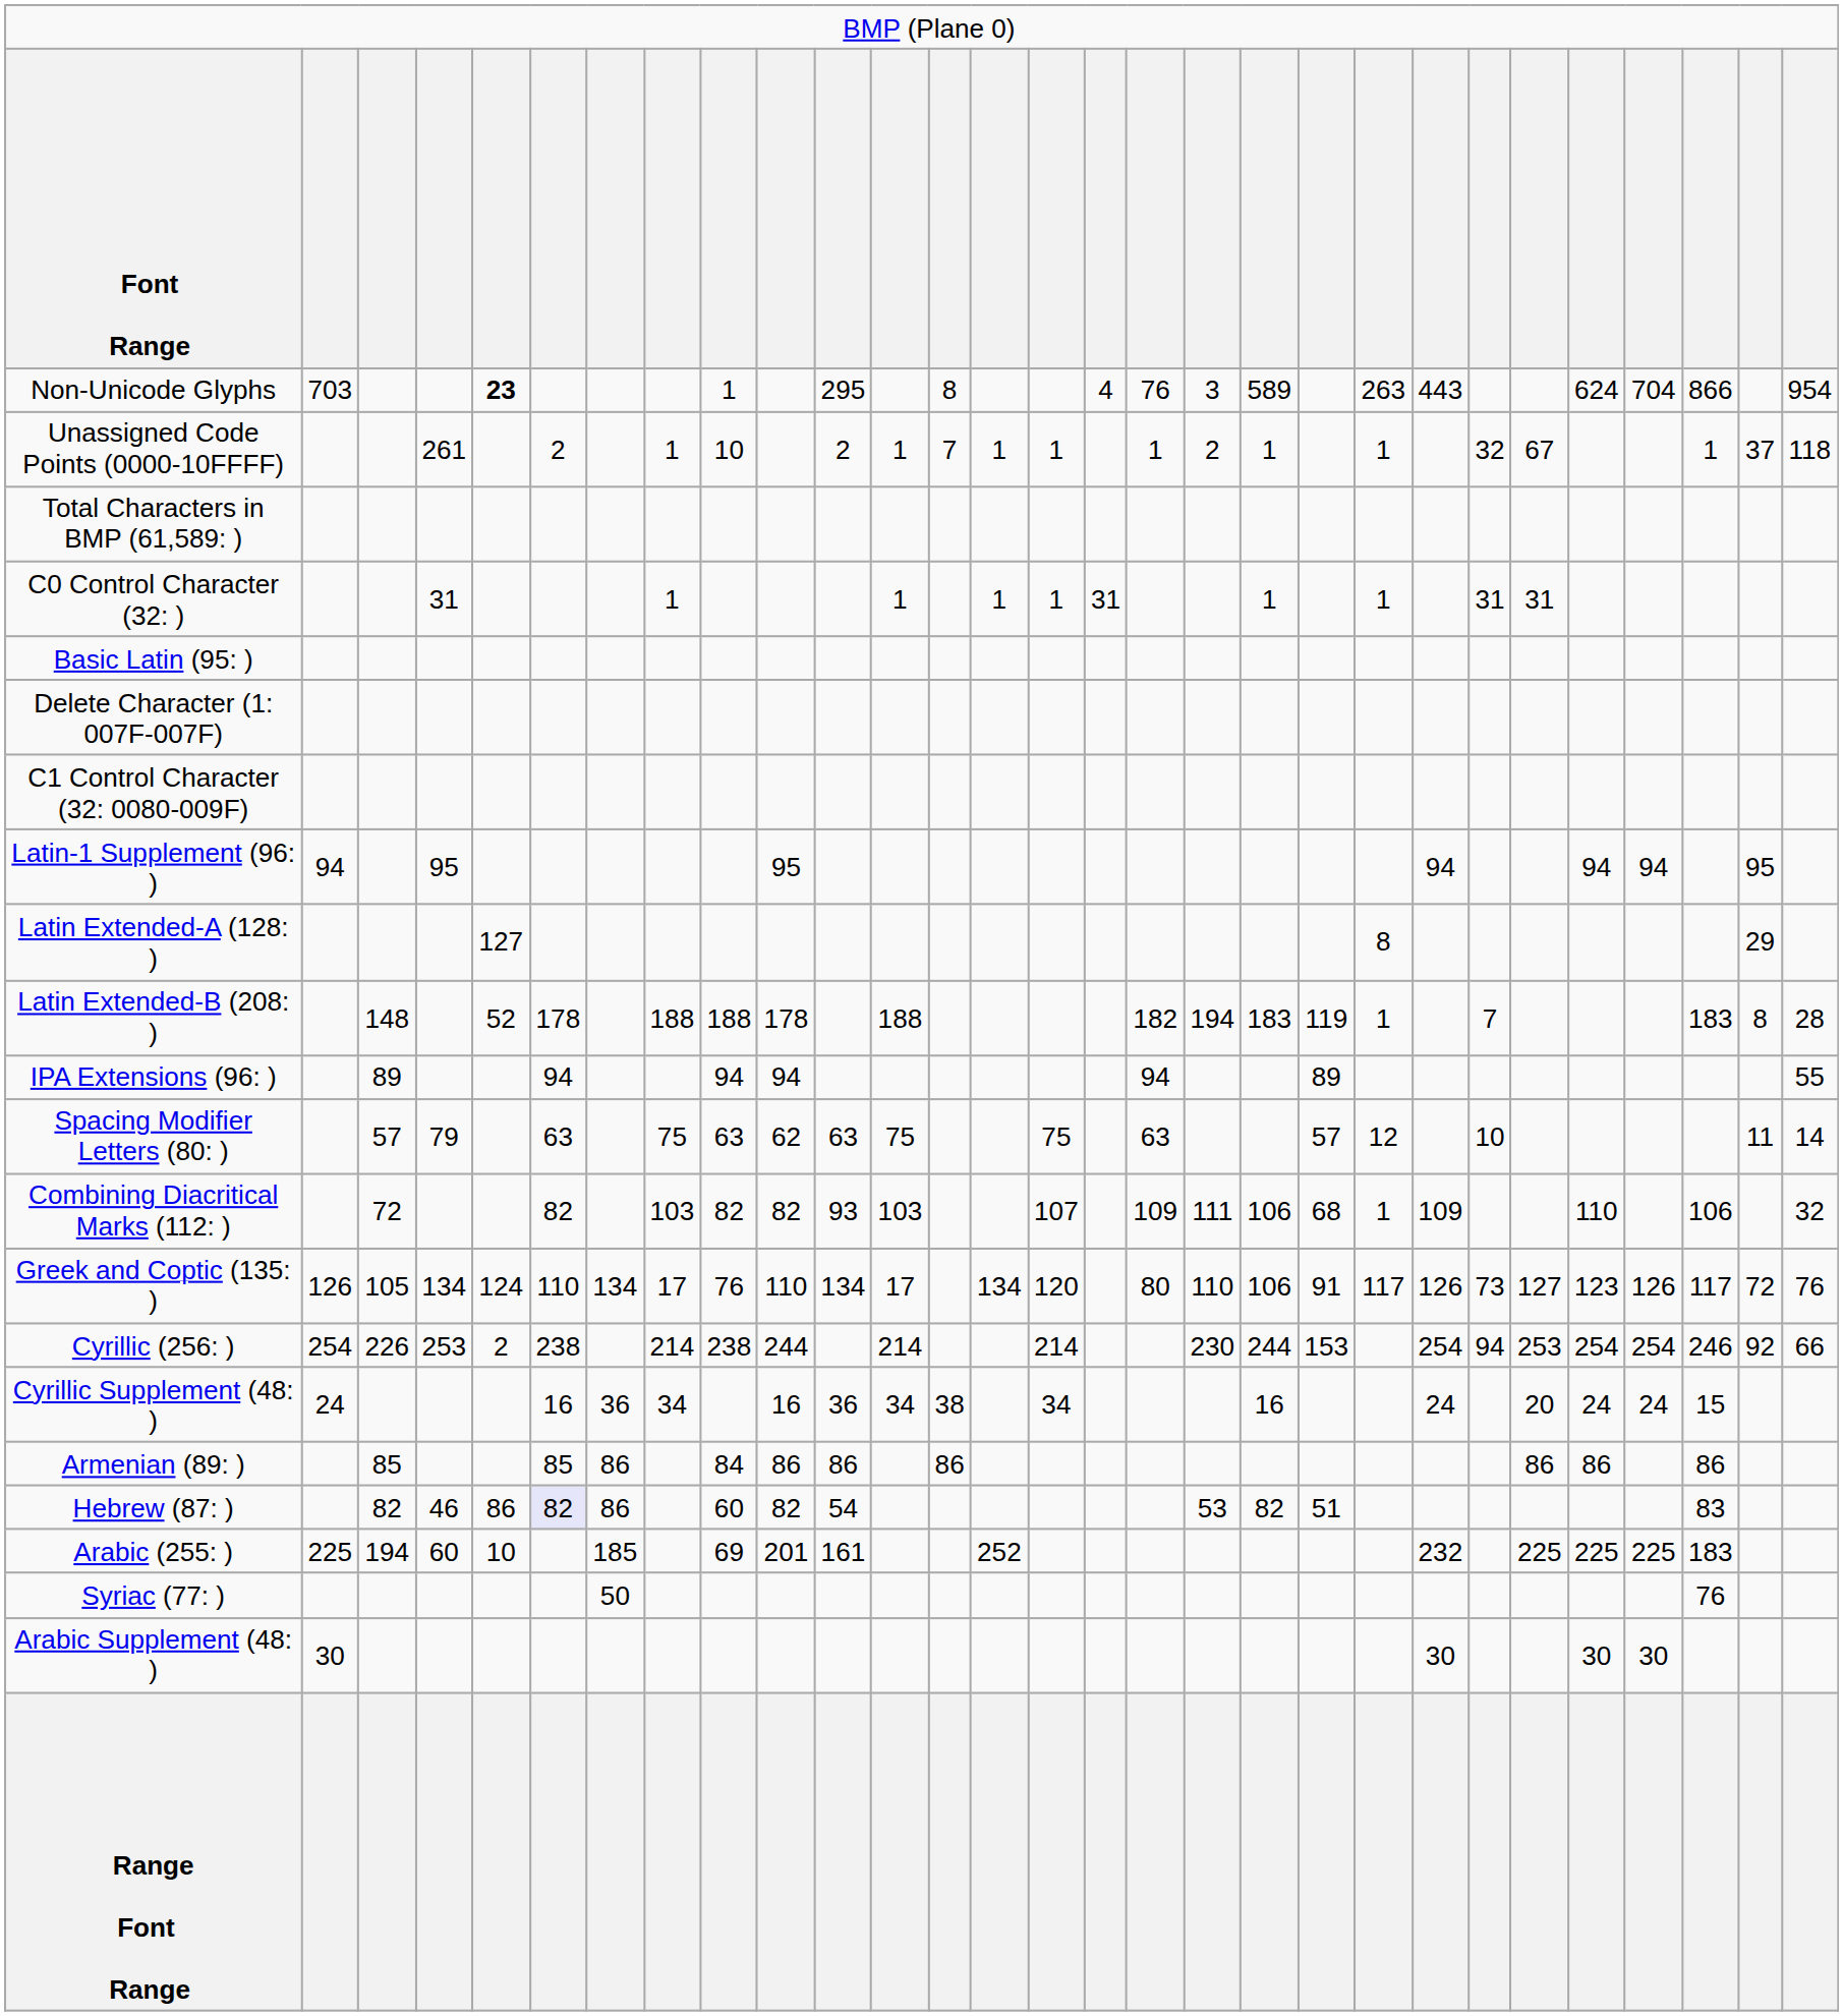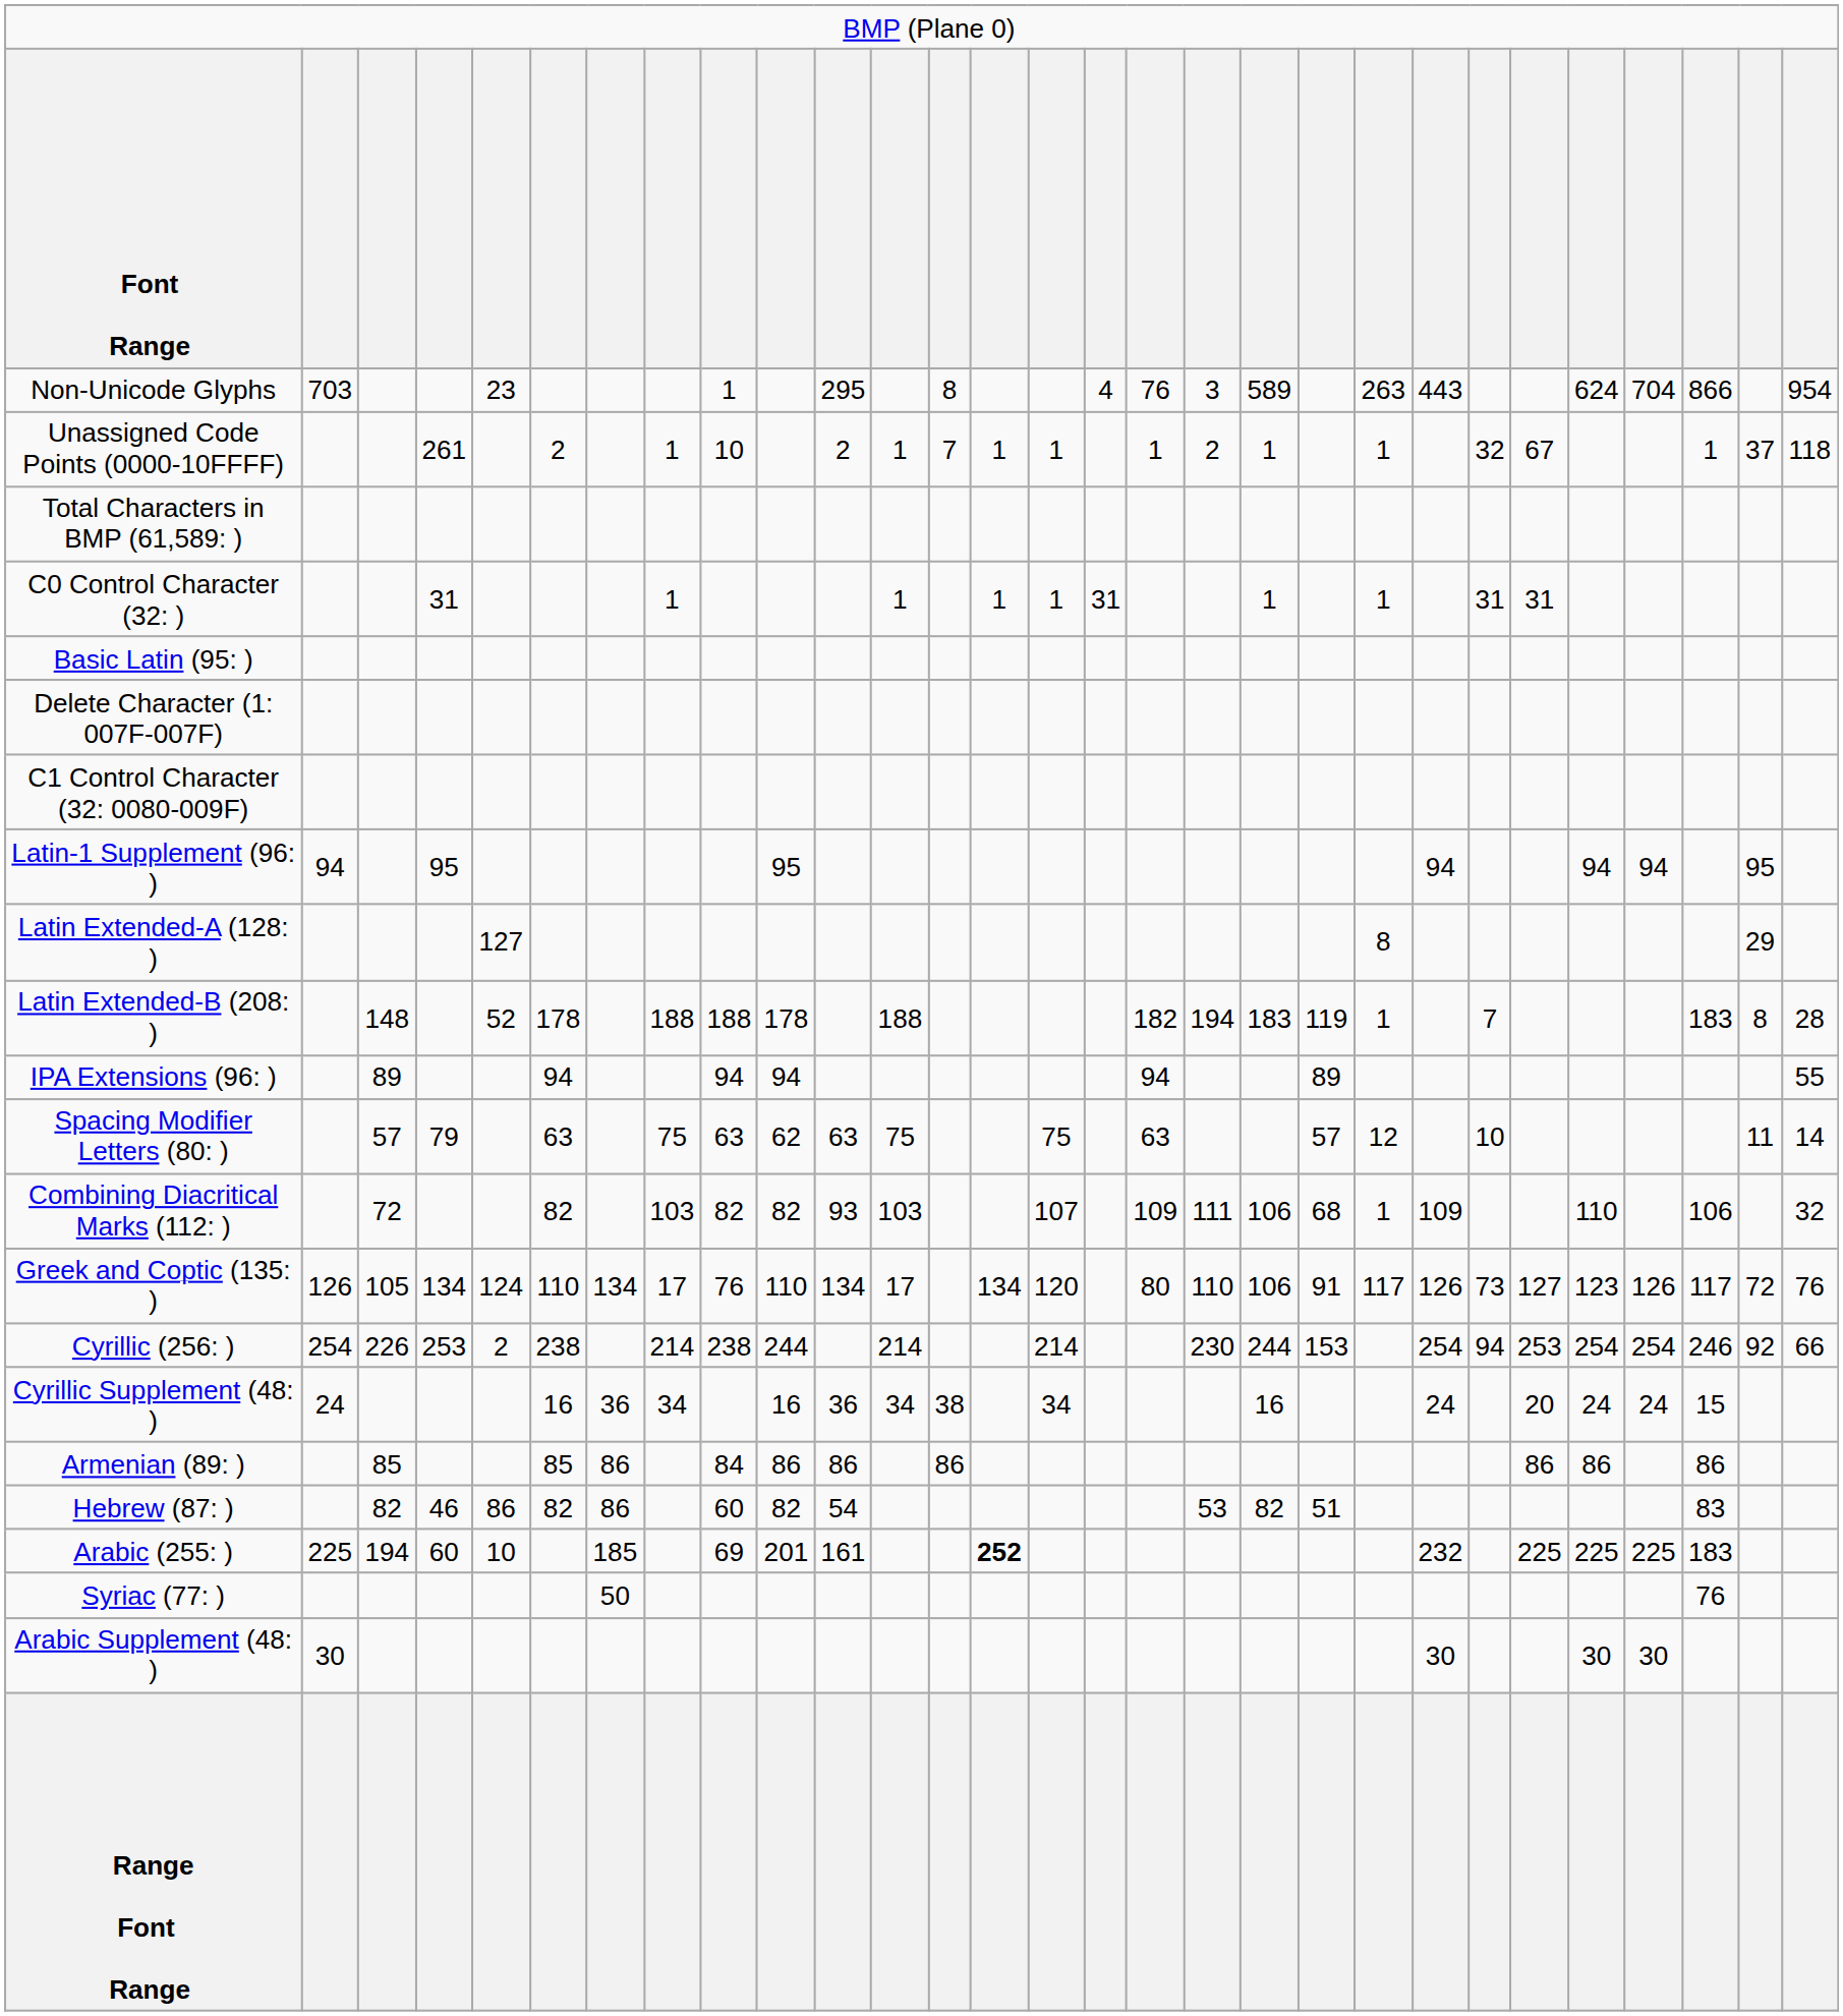 <table class="wikitable" style="width:100%; text-align:center; vertical-align:middle; font-size:80%;">
 <tr>
 <td colspan=29> <span></span> <a href='#'>BMP</a> (Plane 0)</td>
 </tr>
 <tr style="vertical-align: bottom; height:12em;">
 <th style="width:310px;">Font <br><br>Range <span></span></th>
 <th></th>
 <th></th>
 <th></th>
 <th></th>
 <th></th>
 <th></th>
 <th></th>
 <th></th>
 <th></th>
 <th></th>
 <th></th>
 <th></th>
 <th></th>
 <th></th>
 <th></th>
 <th></th>
 <th></th>
 <th></th>
 <th></th>
 <th></th>
 <th></th>
 <th></th>
 <th></th>
 <th></th>
 <th></th>
 <th></th>
 <th></th>
 <th><br></th>
 </tr>
 <tr>
 <td>Non-Unicode Glyphs</td>
 <td>703</td>
 <td></td>
 <td></td>
-<td><strong>23</strong></td>
+<td>23</td>
 <td></td>
 <td></td>
 <td></td>
 <td>1</td>
 <td></td>
 <td>295</td>
 <td></td>
 <td>8</td>
 <td></td>
 <td></td>
 <td>4</td>
 <td>76</td>
 <td>3</td>
 <td>589</td>
 <td></td>
 <td>263</td>
 <td>443</td>
 <td></td>
 <td></td>
 <td>624</td>
 <td>704</td>
 <td>866</td>
 <td></td>
 <td>954</td>
 </tr>
 <tr>
 <td>Unassigned Code Points (0000-10FFFF)</td>
 <td></td>
 <td></td>
 <td>261</td>
 <td></td>
 <td>2</td>
 <td></td>
 <td>1</td>
 <td>10</td>
 <td></td>
 <td>2</td>
 <td>1</td>
 <td>7</td>
 <td>1</td>
 <td>1</td>
 <td></td>
 <td>1</td>
 <td>2</td>
 <td>1</td>
 <td></td>
 <td>1</td>
 <td></td>
 <td>32</td>
 <td>67</td>
 <td></td>
 <td></td>
 <td>1</td>
 <td>37</td>
 <td>118</td>
 </tr>
 <tr>
 <td>Total Characters in BMP (61,589: )</td>
 <td></td>
 <td></td>
 <td></td>
 <td></td>
 <td></td>
 <td></td>
 <td></td>
 <td></td>
 <td></td>
 <td></td>
 <td></td>
 <td></td>
 <td></td>
 <td></td>
 <td></td>
 <td></td>
 <td></td>
 <td></td>
 <td></td>
 <td></td>
 <td></td>
 <td></td>
 <td></td>
 <td></td>
 <td></td>
 <td></td>
 <td></td>
 <td></td>
 </tr>
 <tr>
 <td>C0 Control Character (32: )</td>
 <td></td>
 <td></td>
 <td>31</td>
 <td></td>
 <td></td>
 <td></td>
 <td>1</td>
 <td></td>
 <td></td>
 <td></td>
 <td>1</td>
 <td></td>
 <td>1</td>
 <td>1</td>
 <td>31</td>
 <td></td>
 <td></td>
 <td>1</td>
 <td></td>
 <td>1</td>
 <td></td>
 <td>31</td>
 <td>31</td>
 <td></td>
 <td></td>
 <td></td>
 <td></td>
 <td></td>
 </tr>
 <tr>
 <td><a href='#'>Basic Latin</a> (95: )</td>
 <td></td>
 <td></td>
 <td></td>
 <td></td>
 <td></td>
 <td></td>
 <td></td>
 <td></td>
 <td></td>
 <td></td>
 <td></td>
 <td></td>
 <td></td>
 <td></td>
 <td></td>
 <td></td>
 <td></td>
 <td></td>
 <td></td>
 <td></td>
 <td></td>
 <td></td>
 <td></td>
 <td></td>
 <td></td>
 <td></td>
 <td></td>
 <td></td>
 </tr>
 <tr>
 <td>Delete Character (1: 007F-007F)</td>
 <td></td>
 <td></td>
 <td></td>
 <td></td>
 <td></td>
 <td></td>
 <td></td>
 <td></td>
 <td></td>
 <td></td>
 <td></td>
 <td></td>
 <td></td>
 <td></td>
 <td></td>
 <td></td>
 <td></td>
 <td></td>
 <td></td>
 <td></td>
 <td></td>
 <td></td>
 <td></td>
 <td></td>
 <td></td>
 <td></td>
 <td></td>
 <td></td>
 </tr>
 <tr>
 <td>C1 Control Character (32: 0080-009F)</td>
 <td></td>
 <td></td>
 <td></td>
 <td></td>
 <td></td>
 <td></td>
 <td></td>
 <td></td>
 <td></td>
 <td></td>
 <td></td>
 <td></td>
 <td></td>
 <td></td>
 <td></td>
 <td></td>
 <td></td>
 <td></td>
 <td></td>
 <td></td>
 <td></td>
 <td></td>
 <td></td>
 <td></td>
 <td></td>
 <td></td>
 <td></td>
 <td></td>
 </tr>
 <tr>
 <td><a href='#'>Latin-1 Supplement</a> (96: )</td>
 <td>94</td>
 <td></td>
 <td>95</td>
 <td></td>
 <td></td>
 <td></td>
 <td></td>
 <td></td>
 <td>95</td>
 <td></td>
 <td></td>
 <td></td>
 <td></td>
 <td></td>
 <td></td>
 <td></td>
 <td></td>
 <td></td>
 <td></td>
 <td></td>
 <td>94</td>
 <td></td>
 <td></td>
 <td>94</td>
 <td>94</td>
 <td></td>
 <td>95</td>
 <td></td>
 </tr>
 <tr>
 <td><a href='#'>Latin Extended-A</a> (128: )</td>
 <td></td>
 <td></td>
 <td></td>
 <td>127</td>
 <td></td>
 <td></td>
 <td></td>
 <td></td>
 <td></td>
 <td></td>
 <td></td>
 <td></td>
 <td></td>
 <td></td>
 <td></td>
 <td></td>
 <td></td>
 <td></td>
 <td></td>
 <td>8</td>
 <td></td>
 <td></td>
 <td></td>
 <td></td>
 <td></td>
 <td></td>
 <td>29</td>
 <td></td>
 </tr>
 <tr>
 <td><a href='#'>Latin Extended-B</a> (208: )</td>
 <td></td>
 <td>148</td>
 <td></td>
 <td>52</td>
 <td>178</td>
 <td></td>
 <td>188</td>
 <td>188</td>
 <td>178</td>
 <td></td>
 <td>188</td>
 <td></td>
 <td></td>
 <td></td>
 <td></td>
 <td>182</td>
 <td>194</td>
 <td>183</td>
 <td>119</td>
 <td>1</td>
 <td></td>
 <td>7</td>
 <td></td>
 <td></td>
 <td></td>
 <td>183</td>
 <td>8</td>
 <td>28</td>
 </tr>
 <tr>
 <td><a href='#'>IPA Extensions</a> (96: )</td>
 <td></td>
 <td>89</td>
 <td></td>
 <td></td>
 <td>94</td>
 <td></td>
 <td></td>
 <td>94</td>
 <td>94</td>
 <td></td>
 <td></td>
 <td></td>
 <td></td>
 <td></td>
 <td></td>
 <td>94</td>
 <td></td>
 <td></td>
 <td>89</td>
 <td></td>
 <td></td>
 <td></td>
 <td></td>
 <td></td>
 <td></td>
 <td></td>
 <td></td>
 <td>55</td>
 </tr>
 <tr>
 <td><a href='#'>Spacing Modifier Letters</a> (80: )</td>
 <td></td>
 <td>57</td>
 <td>79</td>
 <td></td>
 <td>63</td>
 <td></td>
 <td>75</td>
 <td>63</td>
 <td>62</td>
 <td>63</td>
 <td>75</td>
 <td></td>
 <td></td>
 <td>75</td>
 <td></td>
 <td>63</td>
 <td></td>
 <td></td>
 <td>57</td>
 <td>12</td>
 <td></td>
 <td>10</td>
 <td></td>
 <td></td>
 <td></td>
 <td></td>
 <td>11</td>
 <td>14</td>
 </tr>
 <tr>
 <td><a href='#'>Combining Diacritical Marks</a> (112: )</td>
 <td></td>
 <td>72</td>
 <td></td>
 <td></td>
 <td>82</td>
 <td></td>
 <td>103</td>
 <td>82</td>
 <td>82</td>
 <td>93</td>
 <td>103</td>
 <td></td>
 <td></td>
 <td>107</td>
 <td></td>
 <td>109</td>
 <td>111</td>
 <td>106</td>
 <td>68</td>
 <td>1</td>
 <td>109</td>
 <td></td>
 <td></td>
 <td>110</td>
 <td></td>
 <td>106</td>
 <td></td>
 <td>32</td>
 </tr>
 <tr>
 <td><a href='#'>Greek and Coptic</a> (135: )</td>
 <td>126</td>
 <td>105</td>
 <td>134</td>
 <td>124</td>
 <td>110</td>
 <td>134</td>
 <td>17</td>
 <td>76</td>
 <td>110</td>
 <td>134</td>
 <td>17</td>
 <td></td>
 <td>134</td>
 <td>120</td>
 <td></td>
 <td>80</td>
 <td>110</td>
 <td>106</td>
 <td>91</td>
 <td>117</td>
 <td>126</td>
 <td>73</td>
 <td>127</td>
 <td>123</td>
 <td>126</td>
 <td>117</td>
 <td>72</td>
 <td>76</td>
 </tr>
 <tr>
 <td><a href='#'>Cyrillic</a> (256: )</td>
 <td>254</td>
 <td>226</td>
 <td>253</td>
 <td>2</td>
 <td>238</td>
 <td></td>
 <td>214</td>
 <td>238</td>
 <td>244</td>
 <td></td>
 <td>214</td>
 <td></td>
 <td></td>
 <td>214</td>
 <td></td>
 <td></td>
 <td>230</td>
 <td>244</td>
 <td>153</td>
 <td></td>
 <td>254</td>
 <td>94</td>
 <td>253</td>
 <td>254</td>
 <td>254</td>
 <td>246</td>
 <td>92</td>
 <td>66</td>
 </tr>
 <tr>
 <td><a href='#'>Cyrillic Supplement</a> (48: )</td>
 <td>24</td>
 <td></td>
 <td></td>
 <td></td>
 <td>16</td>
 <td>36</td>
 <td>34</td>
 <td></td>
 <td>16</td>
 <td>36</td>
 <td>34</td>
 <td>38</td>
 <td></td>
 <td>34</td>
 <td></td>
 <td></td>
 <td></td>
 <td>16</td>
 <td></td>
 <td></td>
 <td>24</td>
 <td></td>
 <td>20</td>
 <td>24</td>
 <td>24</td>
 <td>15</td>
 <td></td>
 <td></td>
 </tr>
 <tr>
 <td><a href='#'>Armenian</a> (89: )</td>
 <td></td>
 <td>85</td>
 <td></td>
 <td></td>
 <td>85</td>
 <td>86</td>
 <td></td>
 <td>84</td>
 <td>86</td>
 <td>86</td>
 <td></td>
 <td>86</td>
 <td></td>
 <td></td>
 <td></td>
 <td></td>
 <td></td>
 <td></td>
 <td></td>
 <td></td>
 <td></td>
 <td></td>
 <td>86</td>
 <td>86</td>
 <td></td>
 <td>86</td>
 <td></td>
 <td></td>
 </tr>
 <tr>
 <td><a href='#'>Hebrew</a> (87: )</td>
 <td></td>
 <td>82</td>
 <td>46</td>
 <td>86</td>
-<td style="background: lavender;">82</td>
+<td>82</td>
 <td>86</td>
 <td></td>
 <td>60</td>
 <td>82</td>
 <td>54</td>
 <td></td>
 <td></td>
 <td></td>
 <td></td>
 <td></td>
 <td></td>
 <td>53</td>
 <td>82</td>
 <td>51</td>
 <td></td>
 <td></td>
 <td></td>
 <td></td>
 <td></td>
 <td></td>
 <td>83</td>
 <td></td>
 <td></td>
 </tr>
 <tr>
 <td><a href='#'>Arabic</a> (255: )</td>
 <td>225</td>
 <td>194</td>
 <td>60</td>
 <td>10</td>
 <td></td>
 <td>185</td>
 <td></td>
 <td>69</td>
 <td>201</td>
 <td>161</td>
 <td></td>
 <td></td>
-<td>252</td>
+<td><strong>252</strong></td>
 <td></td>
 <td></td>
 <td></td>
 <td></td>
 <td></td>
 <td></td>
 <td></td>
 <td>232</td>
 <td></td>
 <td>225</td>
 <td>225</td>
 <td>225</td>
 <td>183</td>
 <td></td>
 <td></td>
 </tr>
 <tr>
 <td><a href='#'>Syriac</a> (77: )</td>
 <td></td>
 <td></td>
 <td></td>
 <td></td>
 <td></td>
 <td>50</td>
 <td></td>
 <td></td>
 <td></td>
 <td></td>
 <td></td>
 <td></td>
 <td></td>
 <td></td>
 <td></td>
 <td></td>
 <td></td>
 <td></td>
 <td></td>
 <td></td>
 <td></td>
 <td></td>
 <td></td>
 <td></td>
 <td></td>
 <td>76</td>
 <td></td>
 <td></td>
 </tr>
 <tr>
 <td><a href='#'>Arabic Supplement</a> (48: )</td>
 <td>30</td>
 <td></td>
 <td></td>
 <td></td>
 <td></td>
 <td></td>
 <td></td>
 <td></td>
 <td></td>
 <td></td>
 <td></td>
 <td></td>
 <td></td>
 <td></td>
 <td></td>
 <td></td>
 <td></td>
 <td></td>
 <td></td>
 <td></td>
 <td>30</td>
 <td></td>
 <td></td>
 <td>30</td>
 <td>30</td>
 <td></td>
 <td></td>
 <td></td>
 </tr>
 <tr style="vertical-align: bottom; height:12em;">
 <th><br>Range<br><br>Font  <br><br>Range <span></span></th>
 <th></th>
 <th></th>
 <th></th>
 <th></th>
 <th></th>
 <th></th>
 <th></th>
 <th></th>
 <th></th>
 <th></th>
 <th></th>
 <th></th>
 <th></th>
 <th></th>
 <th></th>
 <th></th>
 <th></th>
 <th></th>
 <th></th>
 <th></th>
 <th></th>
 <th></th>
 <th></th>
 <th></th>
 <th></th>
 <th></th>
 <th></th>
 <th></th>
 </tr>
 </table>
